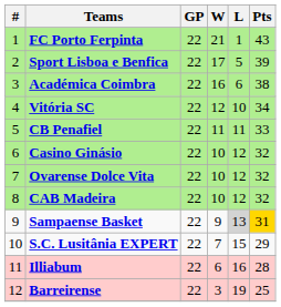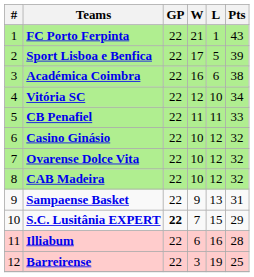 <table class="wikitable" style="text-align: center;">
 <tr>
 <th>#</th>
 <th>Teams</th>
 <th>GP</th>
 <th>W</th>
 <th>L</th>
 <th>Pts</th>
 </tr>
 <tr bgcolor=B0EE90>
 <td>1</td>
 <td align="left"><strong><a href='#'>FC Porto Ferpinta</a></strong></td>
 <td>22</td>
 <td>21</td>
 <td>1</td>
 <td>43</td>
 </tr>
 <tr bgcolor=B0EE90>
 <td>2</td>
 <td align="left"><strong><a href='#'>Sport Lisboa e Benfica</a></strong></td>
 <td>22</td>
 <td>17</td>
 <td>5</td>
 <td>39</td>
 </tr>
 <tr bgcolor=B0EE90>
 <td>3</td>
 <td align="left"><strong><a href='#'>Académica Coimbra</a></strong></td>
 <td>22</td>
 <td>16</td>
 <td>6</td>
 <td>38</td>
 </tr>
 <tr bgcolor=B0EE90>
 <td>4</td>
 <td align="left"><strong><a href='#'>Vitória SC</a></strong></td>
 <td>22</td>
 <td>12</td>
 <td>10</td>
 <td>34</td>
 </tr>
 <tr bgcolor=B0EE90>
 <td>5</td>
 <td align="left"><strong><a href='#'>CB Penafiel</a></strong></td>
 <td>22</td>
 <td>11</td>
 <td>11</td>
 <td>33</td>
 </tr>
 <tr bgcolor=B0EE90>
 <td>6</td>
 <td align="left"><strong><a href='#'>Casino Ginásio</a></strong></td>
 <td>22</td>
 <td>10</td>
 <td>12</td>
 <td>32</td>
 </tr>
 <tr bgcolor=B0EE90>
 <td>7</td>
 <td align="left"><strong><a href='#'>Ovarense Dolce Vita</a></strong></td>
 <td>22</td>
 <td>10</td>
 <td>12</td>
 <td>32</td>
 </tr>
 <tr bgcolor=B0EE90>
 <td>8</td>
 <td align="left"><strong><a href='#'>CAB Madeira</a></strong></td>
 <td>22</td>
 <td>10</td>
 <td>12</td>
 <td>32</td>
 </tr>
 <tr>
 <td>9</td>
 <td align="left"><strong><a href='#'>Sampaense Basket</a></strong></td>
 <td>22</td>
 <td>9</td>
-<td style="background: lightgrey;">13</td>
-<td style="background: gold;">31</td>
+<td>13</td>
+<td>31</td>
 </tr>
 <tr>
 <td>10</td>
 <td align="left"><strong><a href='#'>S.C. Lusitânia EXPERT</a></strong></td>
-<td>22</td>
+<td><strong>22</strong></td>
 <td>7</td>
 <td>15</td>
 <td>29</td>
 </tr>
 <tr bgcolor=FFCCCC>
 <td>11</td>
 <td align="left"><strong><a href='#'>Illiabum</a></strong></td>
 <td>22</td>
 <td>6</td>
 <td>16</td>
 <td>28</td>
 </tr>
 <tr bgcolor=FFCCCC>
 <td>12</td>
 <td align="left"><strong><a href='#'>Barreirense</a></strong></td>
 <td>22</td>
 <td>3</td>
 <td>19</td>
 <td>25</td>
 </tr>
 <tr>
 </tr>
 </table>
